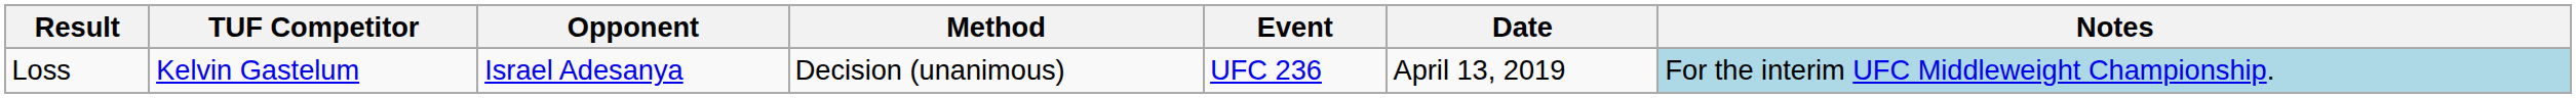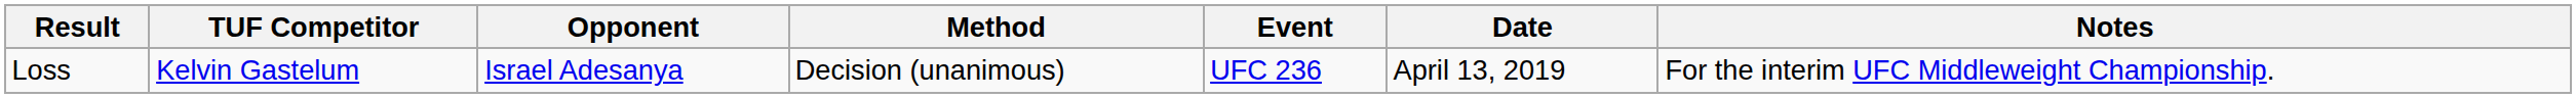 <table class="wikitable sortable" style="font-size:85%; text-align:left; width:99%;">
 <tr>
 <th>Result</th>
 <th>TUF Competitor</th>
 <th>Opponent</th>
 <th>Method</th>
 <th>Event</th>
 <th>Date</th>
 <th>Notes</th>
 </tr>
 <tr>
 <td>Loss</td>
 <td><a href='#'>Kelvin Gastelum</a></td>
 <td><a href='#'>Israel Adesanya</a></td>
 <td>Decision (unanimous)</td>
 <td><a href='#'>UFC 236</a></td>
 <td>April 13, 2019</td>
-<td style="background: lightblue;">For the interim <a href='#'>UFC Middleweight Championship</a>.</td>
+<td>For the interim <a href='#'>UFC Middleweight Championship</a>.</td>
 </tr>
 <tr>
 </tr>
 </table>
